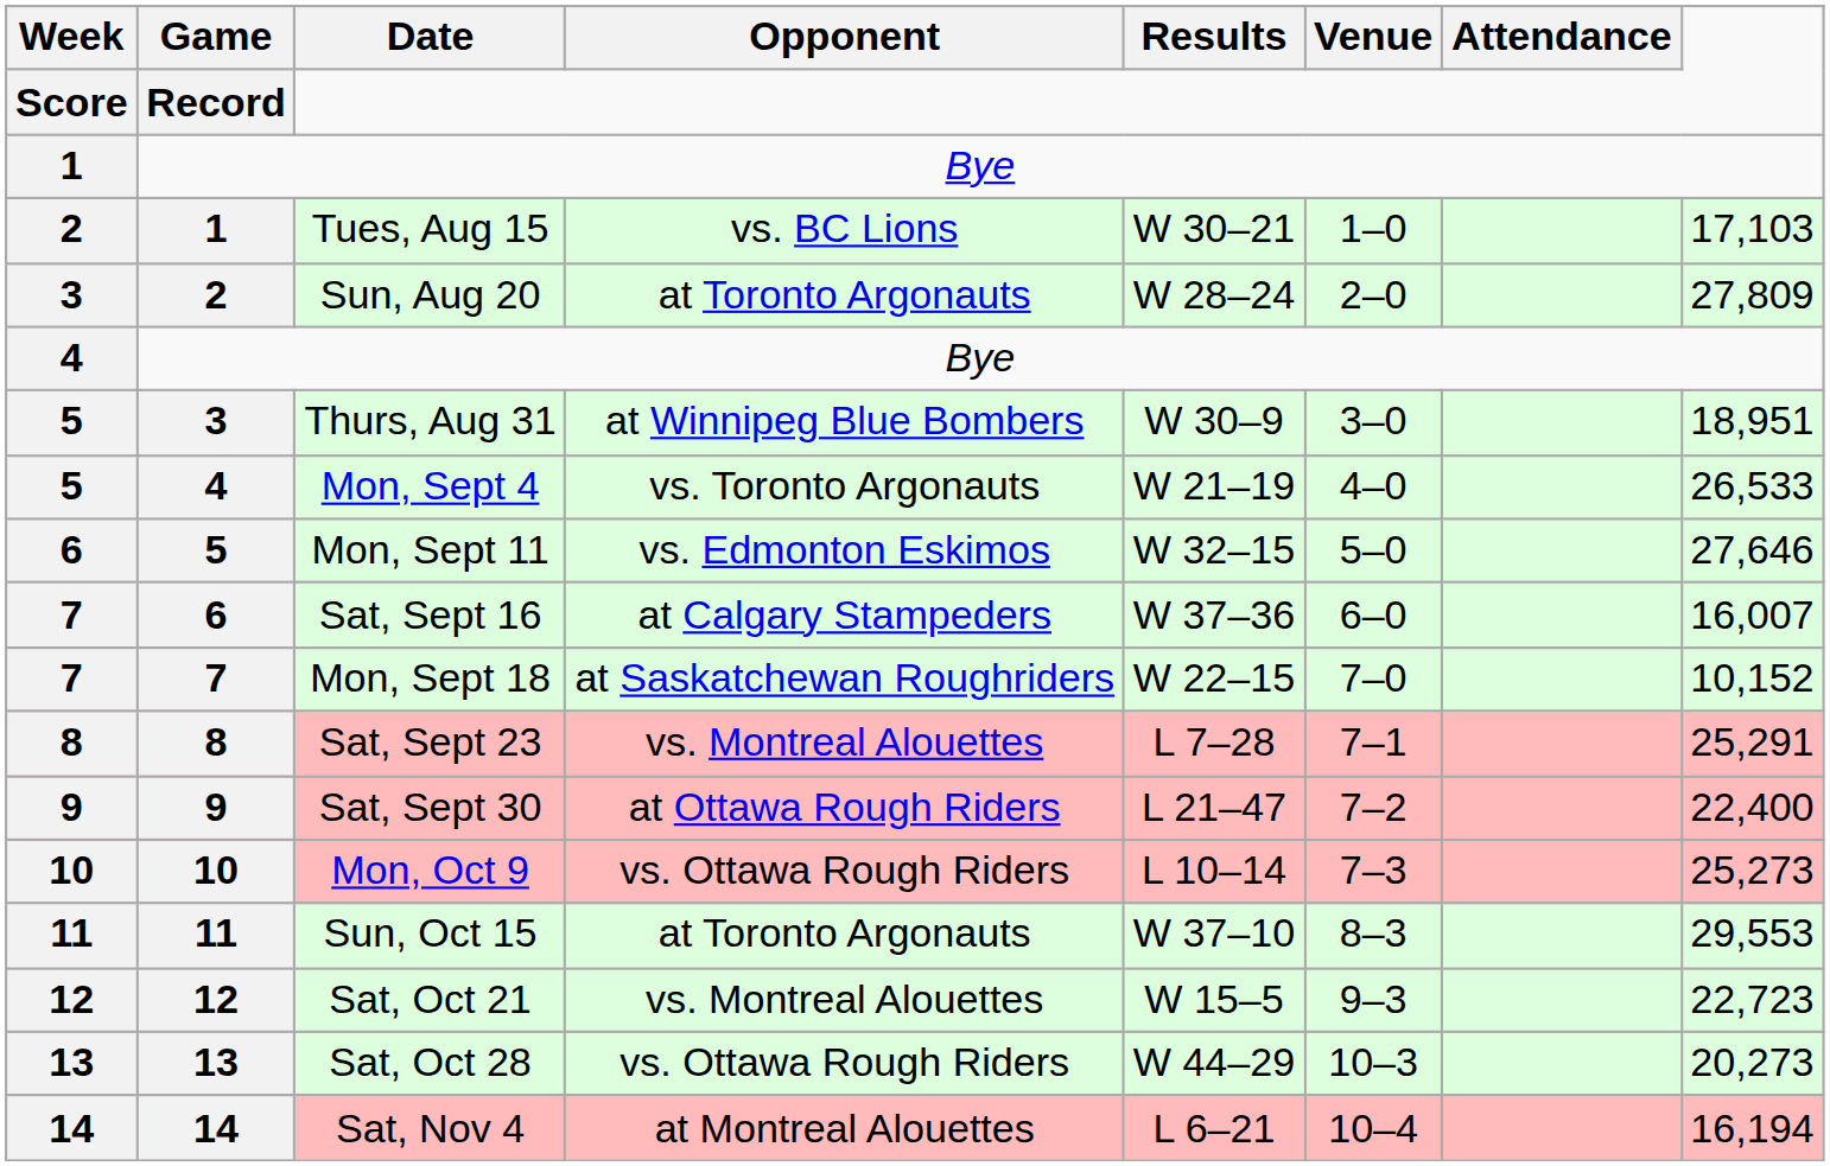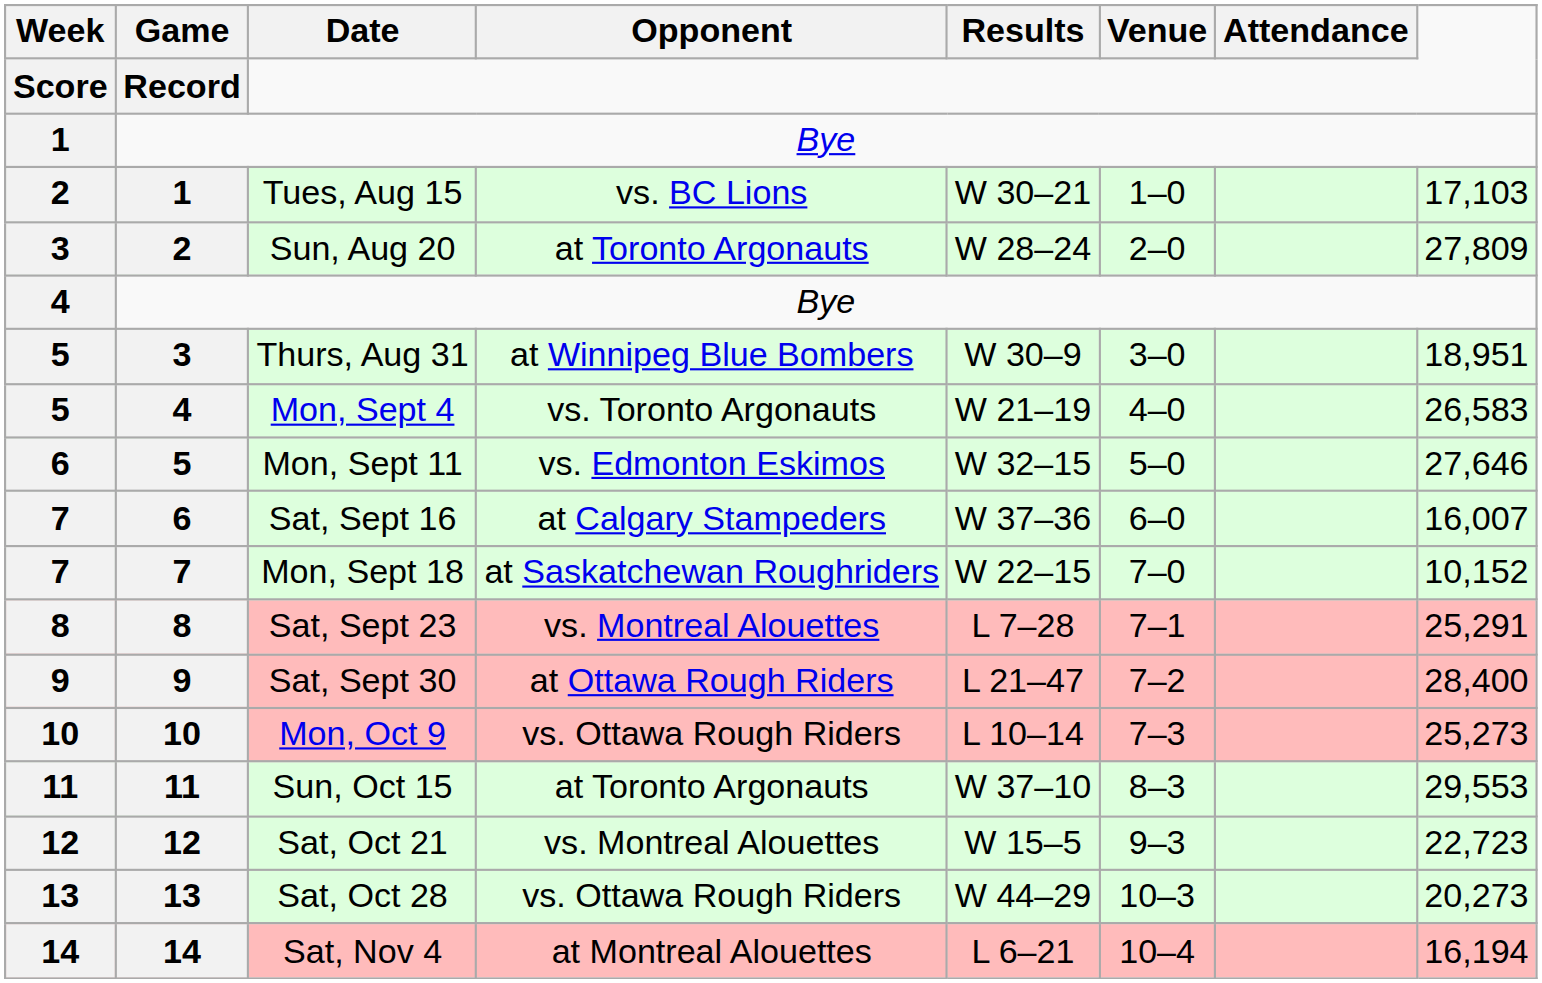 <table class="wikitable" style="text-align:center">
 <tr>
 <th>Week</th>
 <th>Game</th>
 <th>Date</th>
 <th>Opponent</th>
 <th>Results</th>
 <th>Venue</th>
 <th>Attendance</th>
 </tr>
 <tr>
 <th>Score</th>
 <th>Record</th>
 </tr>
 <tr>
 <th>1</th>
 <td colspan=7><em><a href='#'>Bye</a></em></td>
 </tr>
 <tr style="background:#ddffdd">
 <th>2</th>
 <th>1</th>
 <td>Tues, Aug 15</td>
 <td>vs. <a href='#'>BC Lions</a></td>
 <td>W 30–21</td>
 <td>1–0</td>
 <td></td>
 <td>17,103</td>
 </tr>
 <tr style="background:#ddffdd">
 <th>3</th>
 <th>2</th>
 <td>Sun, Aug 20</td>
 <td>at <a href='#'>Toronto Argonauts</a></td>
 <td>W 28–24</td>
 <td>2–0</td>
 <td></td>
 <td>27,809</td>
 </tr>
 <tr>
 <th>4</th>
 <td colspan=7><em>Bye</em></td>
 </tr>
 <tr style="background:#ddffdd">
 <th>5</th>
 <th>3</th>
 <td>Thurs, Aug 31</td>
 <td>at <a href='#'>Winnipeg Blue Bombers</a></td>
 <td>W 30–9</td>
 <td>3–0</td>
 <td></td>
 <td>18,951</td>
 </tr>
 <tr style="background:#ddffdd">
 <th>5</th>
 <th>4</th>
 <td><a href='#'>Mon, Sept 4</a></td>
 <td>vs. Toronto Argonauts</td>
 <td>W 21–19</td>
 <td>4–0</td>
 <td></td>
-<td>26,533</td>
+<td>26,583</td>
 </tr>
 <tr style="background:#ddffdd">
 <th>6</th>
 <th>5</th>
 <td>Mon, Sept 11</td>
 <td>vs. <a href='#'>Edmonton Eskimos</a></td>
 <td>W 32–15</td>
 <td>5–0</td>
 <td></td>
 <td>27,646</td>
 </tr>
 <tr style="background:#ddffdd">
 <th>7</th>
 <th>6</th>
 <td>Sat, Sept 16</td>
 <td>at <a href='#'>Calgary Stampeders</a></td>
 <td>W 37–36</td>
 <td>6–0</td>
 <td></td>
 <td>16,007</td>
 </tr>
 <tr style="background:#ddffdd">
 <th>7</th>
 <th>7</th>
 <td>Mon, Sept 18</td>
 <td>at <a href='#'>Saskatchewan Roughriders</a></td>
 <td>W 22–15</td>
 <td>7–0</td>
 <td></td>
 <td>10,152</td>
 </tr>
 <tr style="background:#ffbbbb">
 <th>8</th>
 <th>8</th>
 <td>Sat, Sept 23</td>
 <td>vs. <a href='#'>Montreal Alouettes</a></td>
 <td>L 7–28</td>
 <td>7–1</td>
 <td></td>
 <td>25,291</td>
 </tr>
 <tr align="center" bgcolor="#ffbbbb">
 <th>9</th>
 <th>9</th>
 <td>Sat, Sept 30</td>
 <td>at <a href='#'>Ottawa Rough Riders</a></td>
 <td>L 21–47</td>
 <td>7–2</td>
 <td></td>
-<td>22,400</td>
+<td>28,400</td>
 </tr>
 <tr style="background:#ffbbbb">
 <th>10</th>
 <th>10</th>
 <td><a href='#'>Mon, Oct 9</a></td>
 <td>vs. Ottawa Rough Riders</td>
 <td>L 10–14</td>
 <td>7–3</td>
 <td></td>
 <td>25,273</td>
 </tr>
 <tr style="background:#ddffdd">
 <th>11</th>
 <th>11</th>
 <td>Sun, Oct 15</td>
 <td>at Toronto Argonauts</td>
 <td>W 37–10</td>
 <td>8–3</td>
 <td></td>
 <td>29,553</td>
 </tr>
 <tr style="background:#ddffdd">
 <th>12</th>
 <th>12</th>
 <td>Sat, Oct 21</td>
 <td>vs. Montreal Alouettes</td>
 <td>W 15–5</td>
 <td>9–3</td>
 <td></td>
 <td>22,723</td>
 </tr>
 <tr style="background:#ddffdd">
 <th>13</th>
 <th>13</th>
 <td>Sat, Oct 28</td>
 <td>vs. Ottawa Rough Riders</td>
 <td>W 44–29</td>
 <td>10–3</td>
 <td></td>
 <td>20,273</td>
 </tr>
 <tr style="background:#ffbbbb">
 <th>14</th>
 <th>14</th>
 <td>Sat, Nov 4</td>
 <td>at Montreal Alouettes</td>
 <td>L 6–21</td>
 <td>10–4</td>
 <td></td>
 <td>16,194</td>
 </tr>
 </table>
